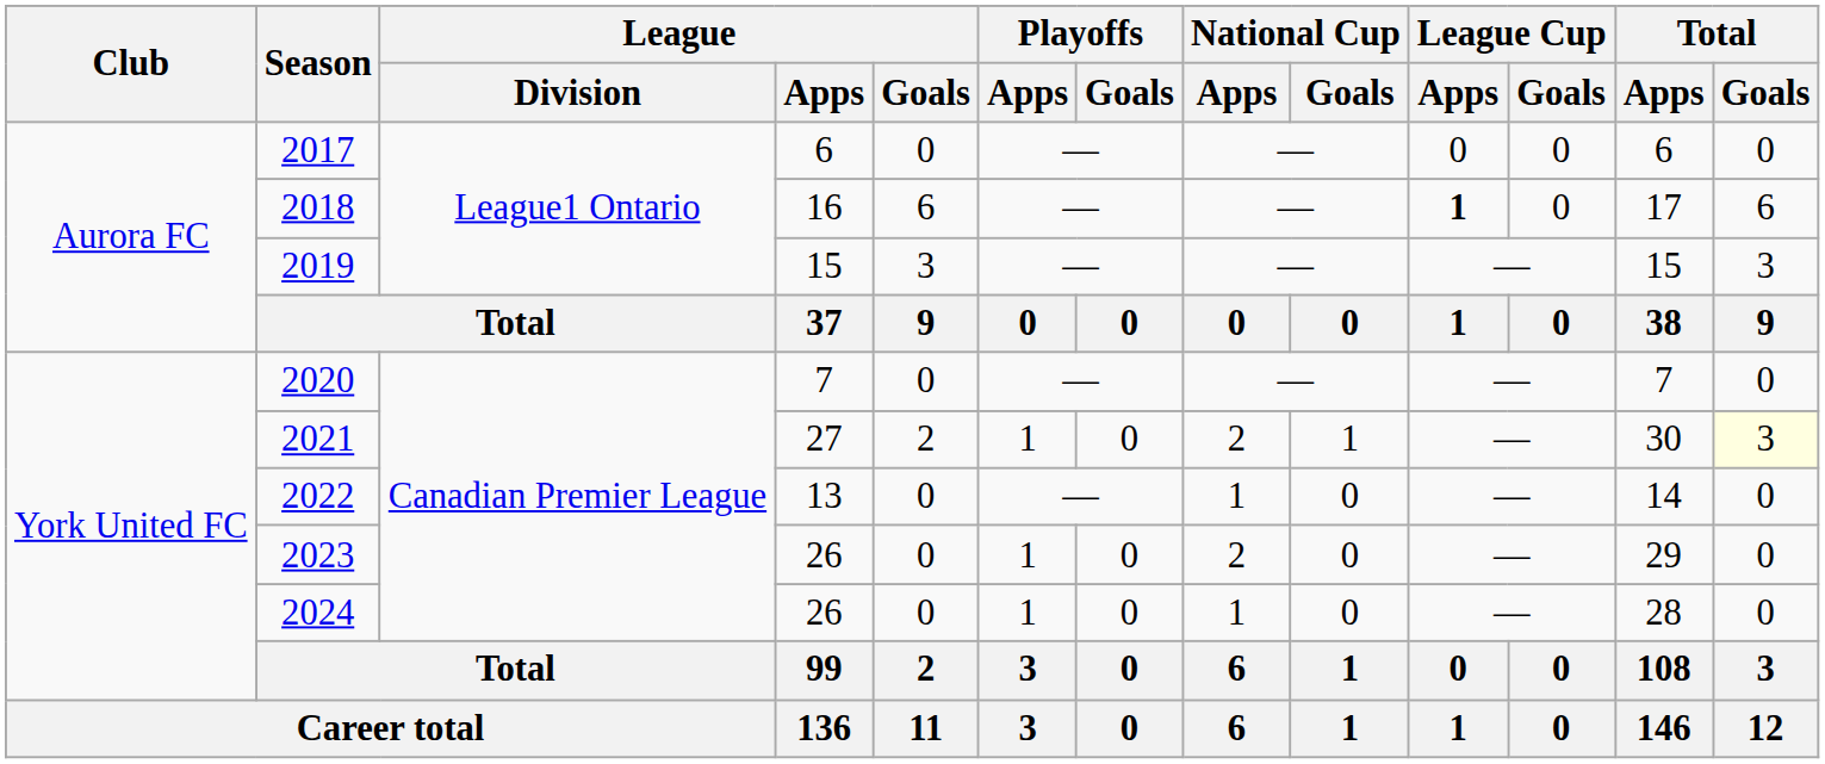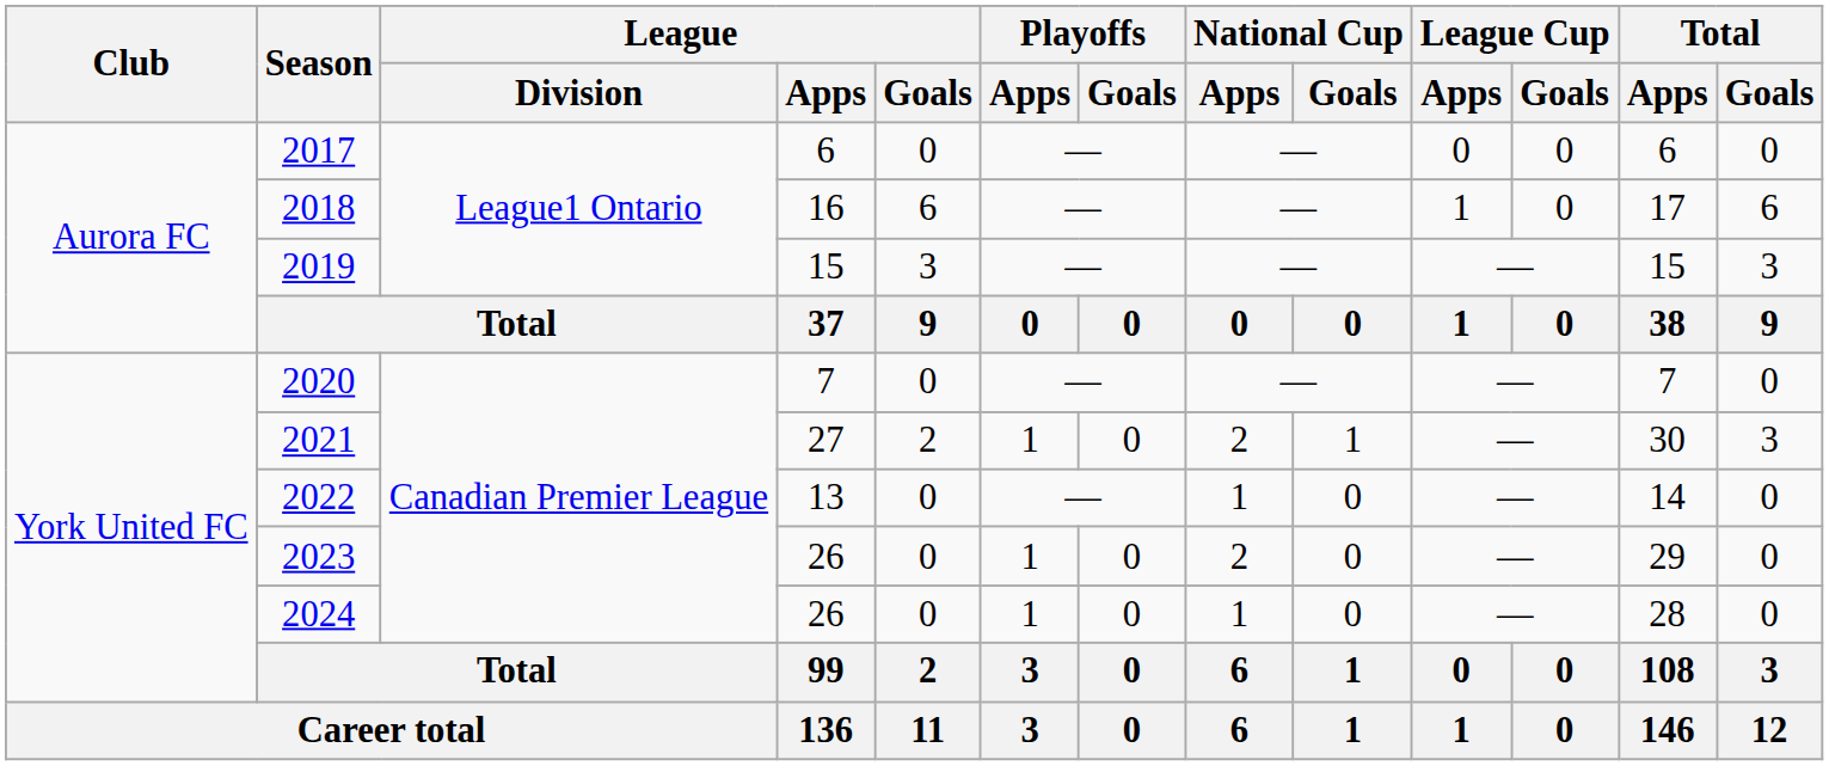 <table class="wikitable" style="text-align:center">
 <tr>
 <th rowspan="2">Club</th>
 <th rowspan="2">Season</th>
 <th colspan="3">League</th>
 <th colspan="2">Playoffs</th>
 <th colspan="2">National Cup</th>
 <th colspan="2">League Cup</th>
 <th colspan="2">Total</th>
 </tr>
 <tr>
 <th>Division</th>
 <th>Apps</th>
 <th>Goals</th>
 <th>Apps</th>
 <th>Goals</th>
 <th>Apps</th>
 <th>Goals</th>
 <th>Apps</th>
 <th>Goals</th>
 <th>Apps</th>
 <th>Goals</th>
 </tr>
 <tr>
 <td rowspan="4"><a href='#'>Aurora FC</a></td>
 <td><a href='#'>2017</a></td>
 <td rowspan="3"><a href='#'>League1 Ontario</a></td>
 <td>6</td>
 <td>0</td>
 <td colspan="2">—</td>
 <td colspan="2">—</td>
 <td>0</td>
 <td>0</td>
 <td>6</td>
 <td>0</td>
 </tr>
 <tr>
 <td><a href='#'>2018</a></td>
 <td>16</td>
 <td>6</td>
 <td colspan="2">—</td>
 <td colspan="2">—</td>
-<td><strong>1</strong></td>
+<td>1</td>
 <td>0</td>
 <td>17</td>
 <td>6</td>
 </tr>
 <tr>
 <td><a href='#'>2019</a></td>
 <td>15</td>
 <td>3</td>
 <td colspan="2">—</td>
 <td colspan="2">—</td>
 <td colspan="2">—</td>
 <td>15</td>
 <td>3</td>
 </tr>
 <tr>
 <th colspan="2">Total</th>
 <th>37</th>
 <th>9</th>
 <th>0</th>
 <th>0</th>
 <th>0</th>
 <th>0</th>
 <th>1</th>
 <th>0</th>
 <th>38</th>
 <th>9</th>
 </tr>
 <tr>
 <td rowspan="6"><a href='#'>York United FC</a></td>
 <td><a href='#'>2020</a></td>
 <td rowspan="5"><a href='#'>Canadian Premier League</a></td>
 <td>7</td>
 <td>0</td>
 <td colspan="2">—</td>
 <td colspan="2">—</td>
 <td colspan="2">—</td>
 <td>7</td>
 <td>0</td>
 </tr>
 <tr>
 <td><a href='#'>2021</a></td>
 <td>27</td>
 <td>2</td>
 <td>1</td>
 <td>0</td>
 <td>2</td>
 <td>1</td>
 <td colspan="2">—</td>
 <td>30</td>
-<td style="background: lightyellow;">3</td>
+<td>3</td>
 </tr>
 <tr>
 <td><a href='#'>2022</a></td>
 <td>13</td>
 <td>0</td>
 <td colspan="2">—</td>
 <td>1</td>
 <td>0</td>
 <td colspan="2">—</td>
 <td>14</td>
 <td>0</td>
 </tr>
 <tr>
 <td><a href='#'>2023</a></td>
 <td>26</td>
 <td>0</td>
 <td>1</td>
 <td>0</td>
 <td>2</td>
 <td>0</td>
 <td colspan="2">—</td>
 <td>29</td>
 <td>0</td>
 </tr>
 <tr>
 <td><a href='#'>2024</a></td>
 <td>26</td>
 <td>0</td>
 <td>1</td>
 <td>0</td>
 <td>1</td>
 <td>0</td>
 <td colspan="2">—</td>
 <td>28</td>
 <td>0</td>
 </tr>
 <tr>
 <th colspan="2">Total</th>
 <th>99</th>
 <th>2</th>
 <th>3</th>
 <th>0</th>
 <th>6</th>
 <th>1</th>
 <th>0</th>
 <th>0</th>
 <th>108</th>
 <th>3</th>
 </tr>
 <tr>
 <th colspan="3">Career total</th>
 <th>136</th>
 <th>11</th>
 <th>3</th>
 <th>0</th>
 <th>6</th>
 <th>1</th>
 <th>1</th>
 <th>0</th>
 <th>146</th>
 <th>12</th>
 </tr>
 </table>
